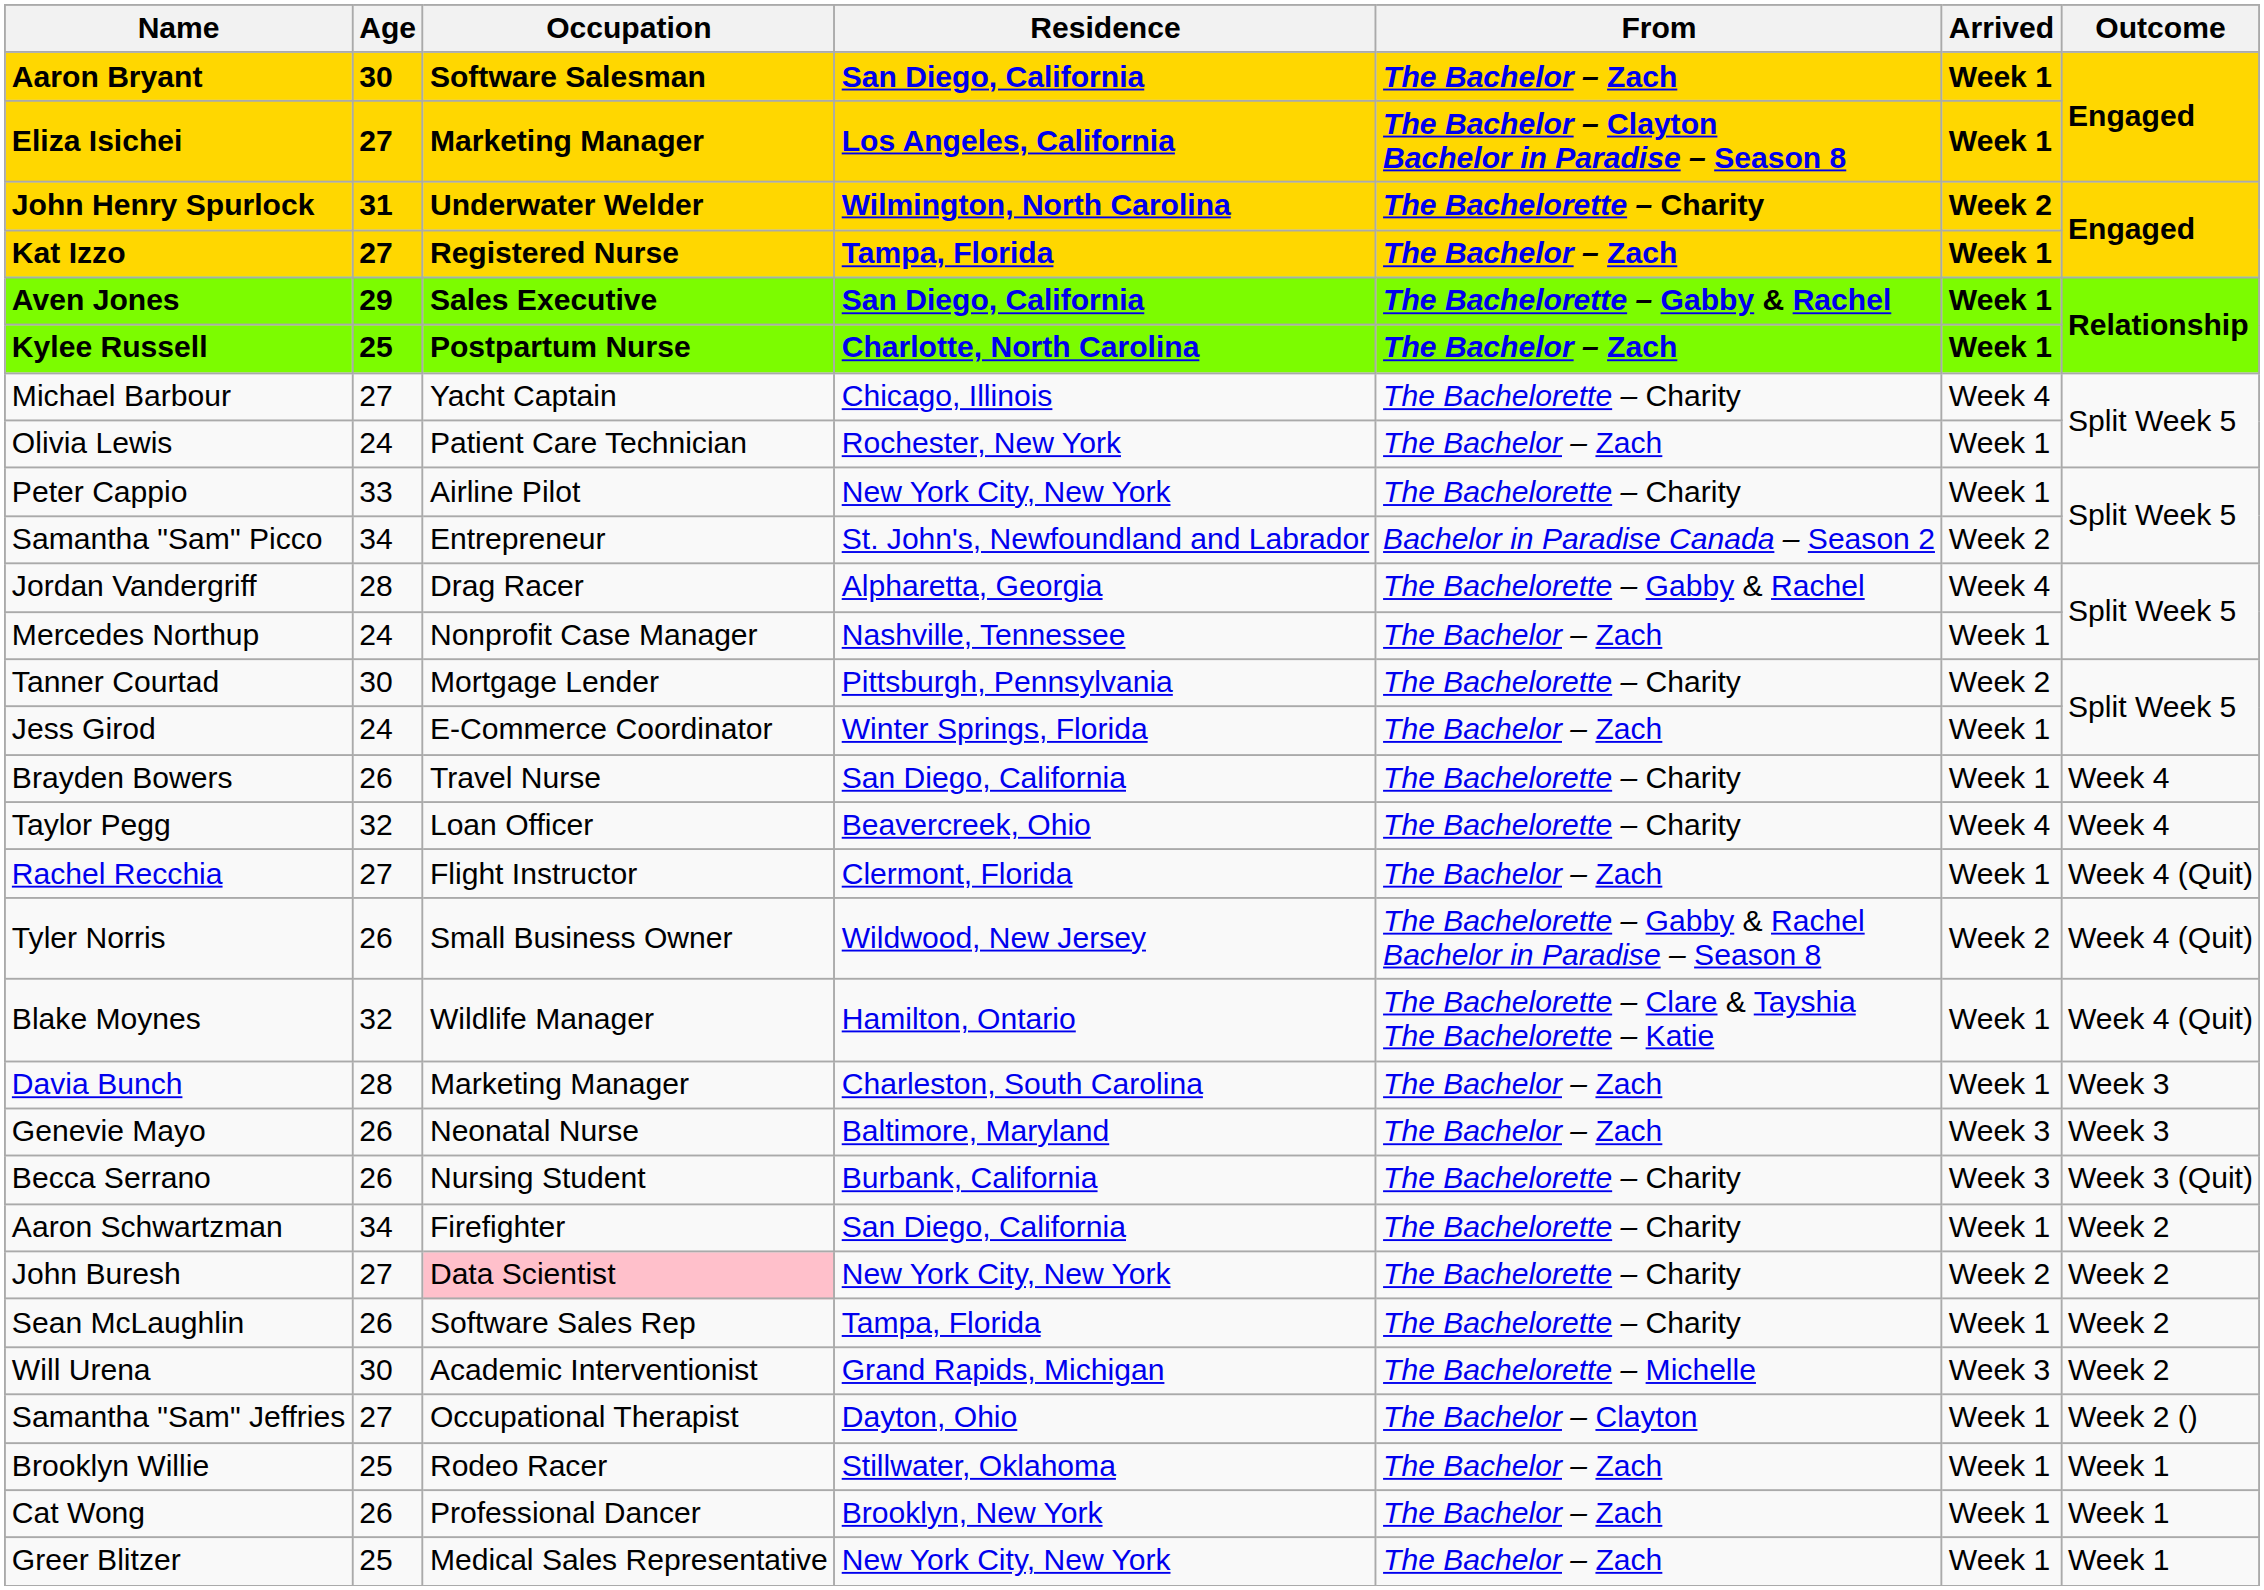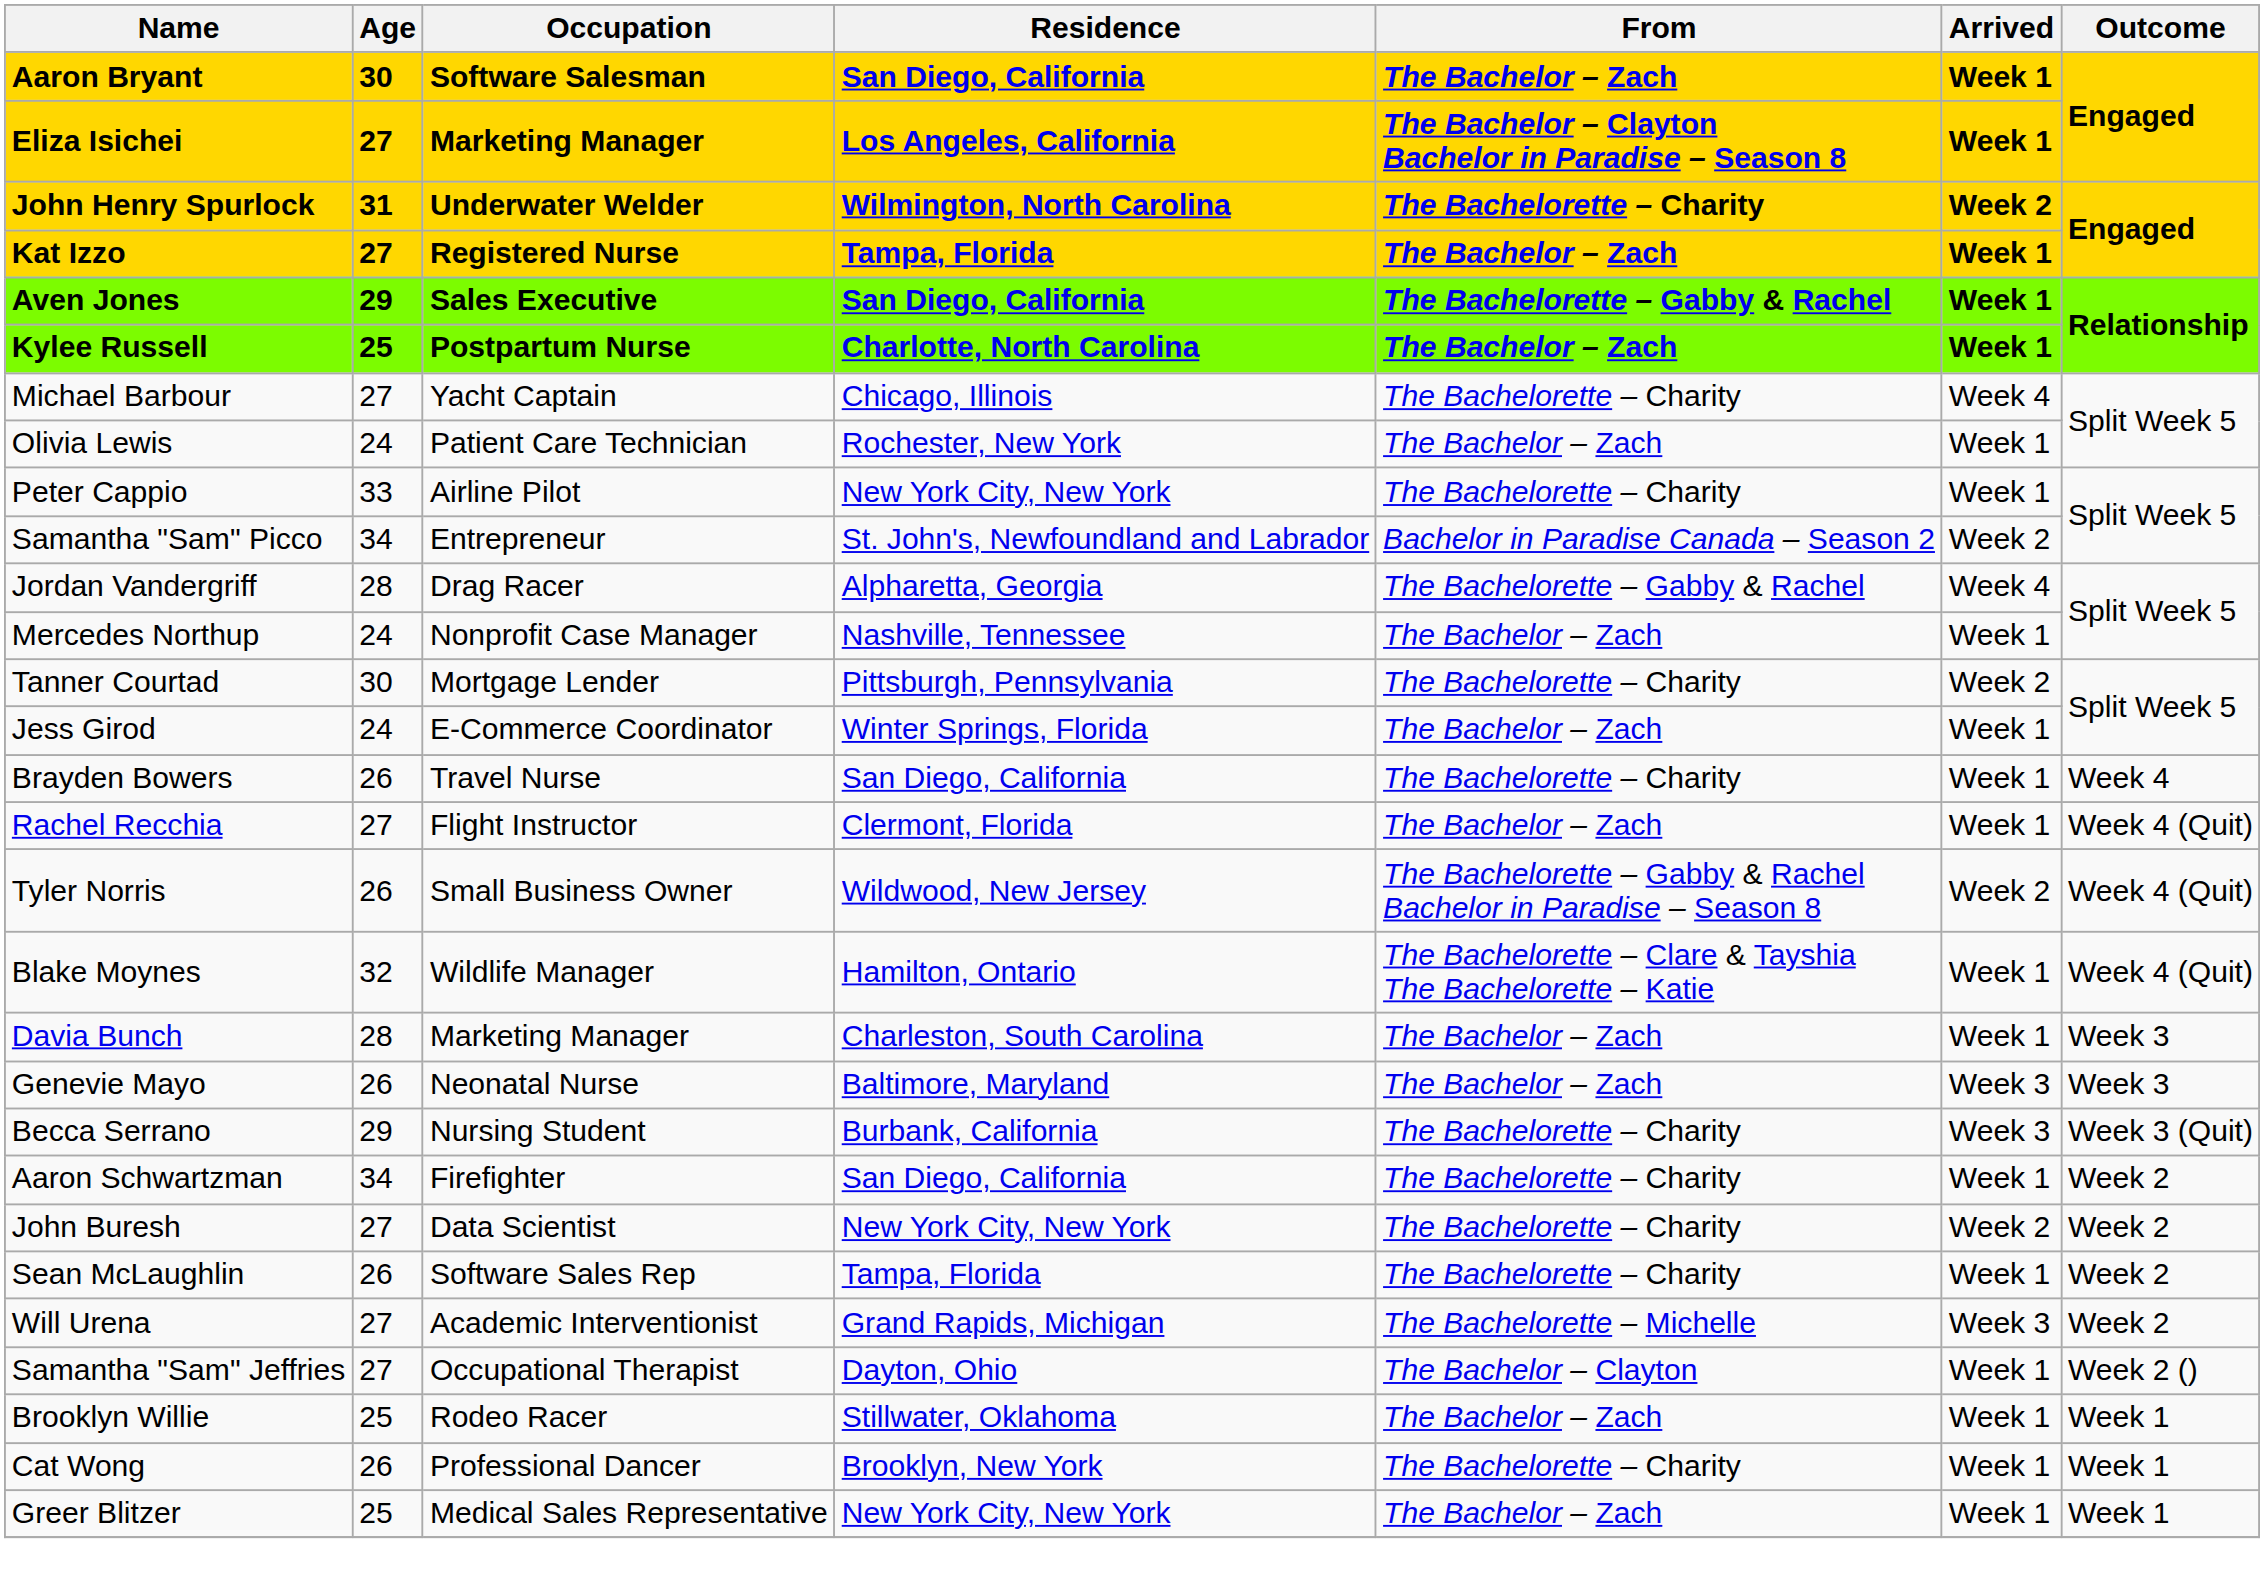 <table class="wikitable sortable" style="text-align:left;">
 <tr>
 <th>Name</th>
 <th>Age</th>
 <th>Occupation</th>
 <th>Residence</th>
 <th>From</th>
 <th>Arrived</th>
 <th>Outcome</th>
 </tr>
 <tr style="font-weight:bold;background:gold;">
 <td>Aaron Bryant</td>
 <td>30</td>
 <td>Software Salesman</td>
 <td><a href='#'>San Diego, California</a></td>
 <td><em><a href='#'>The Bachelor</a>  –</em> <a href='#'>Zach</a></td>
 <td>Week 1</td>
 <td rowspan="2">Engaged</td>
 </tr>
 <tr style="font-weight:bold;background:gold;">
 <td>Eliza Isichei</td>
 <td>27</td>
 <td>Marketing Manager</td>
 <td><a href='#'>Los Angeles, California</a></td>
 <td><em><a href='#'>The Bachelor</a> –</em> <a href='#'>Clayton</a><br><em><a href='#'>Bachelor in Paradise</a></em> <em>–</em> <a href='#'>Season 8</a></td>
 <td>Week 1</td>
 </tr>
 <tr style="font-weight:bold;background:gold;">
 <td>John Henry Spurlock</td>
 <td>31</td>
 <td>Underwater Welder</td>
 <td><a href='#'>Wilmington, North Carolina</a></td>
 <td><em><a href='#'>The Bachelorette</a>  –</em> Charity</td>
 <td>Week 2</td>
 <td rowspan="2">Engaged</td>
 </tr>
 <tr style="font-weight:bold;background:gold;">
 <td>Kat Izzo</td>
 <td>27</td>
 <td>Registered Nurse</td>
 <td><a href='#'>Tampa, Florida</a></td>
 <td><em><a href='#'>The Bachelor</a>  –</em> <a href='#'>Zach</a></td>
 <td>Week 1</td>
 </tr>
 <tr style="font-weight:bold;background:#7CFC00;">
 <td>Aven Jones</td>
 <td>29</td>
 <td>Sales Executive</td>
 <td><a href='#'>San Diego, California</a></td>
 <td><em><a href='#'>The Bachelorette</a> –</em> <a href='#'>Gabby</a> & <a href='#'>Rachel</a></td>
 <td>Week 1</td>
 <td rowspan="2">Relationship</td>
 </tr>
 <tr style="font-weight:bold;background:#7CFC00;">
 <td>Kylee Russell</td>
 <td>25</td>
 <td>Postpartum Nurse</td>
 <td><a href='#'>Charlotte, North Carolina</a></td>
 <td><em><a href='#'>The Bachelor</a>  –</em> <a href='#'>Zach</a></td>
 <td>Week 1</td>
 </tr>
 <tr>
 <td>Michael Barbour</td>
 <td>27</td>
 <td>Yacht Captain</td>
 <td><a href='#'>Chicago, Illinois</a></td>
 <td><em><a href='#'>The Bachelorette</a>  –</em> Charity</td>
 <td>Week 4</td>
 <td rowspan="2">Split Week 5</td>
 </tr>
 <tr>
 <td>Olivia Lewis</td>
 <td>24</td>
 <td>Patient Care Technician</td>
 <td><a href='#'>Rochester, New York</a></td>
 <td><em><a href='#'>The Bachelor</a>  –</em> <a href='#'>Zach</a></td>
 <td>Week 1</td>
 </tr>
 <tr>
 <td>Peter Cappio</td>
 <td>33</td>
 <td>Airline Pilot</td>
 <td><a href='#'>New York City, New York</a></td>
 <td><em><a href='#'>The Bachelorette</a>  –</em> Charity</td>
 <td>Week 1</td>
 <td rowspan="2">Split Week 5</td>
 </tr>
 <tr>
 <td>Samantha "Sam" Picco</td>
 <td>34</td>
 <td>Entrepreneur</td>
 <td><a href='#'>St. John's, Newfoundland and Labrador</a></td>
 <td><em><a href='#'>Bachelor in Paradise Canada</a>  –</em> <a href='#'>Season 2</a></td>
 <td>Week 2</td>
 </tr>
 <tr>
 <td>Jordan Vandergriff</td>
 <td>28</td>
 <td>Drag Racer</td>
 <td><a href='#'>Alpharetta, Georgia</a></td>
 <td><em><a href='#'>The Bachelorette</a> –</em> <a href='#'>Gabby</a> & <a href='#'>Rachel</a></td>
 <td>Week 4</td>
 <td rowspan="2">Split Week 5</td>
 </tr>
 <tr>
 <td>Mercedes Northup</td>
 <td>24</td>
 <td>Nonprofit Case Manager</td>
 <td><a href='#'>Nashville, Tennessee</a></td>
 <td><em><a href='#'>The Bachelor</a>  –</em> <a href='#'>Zach</a></td>
 <td>Week 1</td>
 </tr>
 <tr>
 <td>Tanner Courtad</td>
 <td>30</td>
 <td>Mortgage Lender</td>
 <td><a href='#'>Pittsburgh, Pennsylvania</a></td>
 <td><em><a href='#'>The Bachelorette</a>  –</em> Charity</td>
 <td>Week 2</td>
 <td rowspan="2">Split Week 5</td>
 </tr>
 <tr>
 <td>Jess Girod</td>
 <td>24</td>
 <td>E-Commerce Coordinator</td>
 <td><a href='#'>Winter Springs, Florida</a></td>
 <td><em><a href='#'>The Bachelor</a>  –</em> <a href='#'>Zach</a></td>
 <td>Week 1</td>
 </tr>
 <tr>
 <td>Brayden Bowers</td>
 <td>26</td>
 <td>Travel Nurse</td>
 <td><a href='#'>San Diego, California</a></td>
 <td><em><a href='#'>The Bachelorette</a>  –</em> Charity</td>
 <td>Week 1</td>
 <td>Week 4</td>
 </tr>
 <tr>
-<td>Taylor Pegg</td>
-<td>32</td>
-<td>Loan Officer</td>
-<td><a href='#'>Beavercreek, Ohio</a></td>
-<td><em><a href='#'>The Bachelorette</a>  –</em> Charity</td>
-<td>Week 4</td>
-<td>Week 4</td>
-</tr>
-<tr>
 <td><a href='#'>Rachel Recchia</a></td>
 <td>27</td>
 <td>Flight Instructor</td>
 <td><a href='#'>Clermont, Florida</a></td>
 <td><em><a href='#'>The Bachelor</a>  –</em> <a href='#'>Zach</a></td>
 <td>Week 1</td>
 <td>Week 4 (Quit)</td>
 </tr>
 <tr>
 <td>Tyler Norris</td>
 <td>26</td>
 <td>Small Business Owner</td>
 <td><a href='#'>Wildwood, New Jersey</a></td>
 <td><em><a href='#'>The Bachelorette</a> –</em> <a href='#'>Gabby</a> & <a href='#'>Rachel</a><br><em><a href='#'>Bachelor in Paradise</a></em> <em>–</em> <a href='#'>Season 8</a></td>
 <td>Week 2</td>
 <td>Week 4 (Quit)</td>
 </tr>
 <tr>
 <td>Blake Moynes</td>
 <td>32</td>
 <td>Wildlife Manager</td>
 <td><a href='#'>Hamilton, Ontario</a></td>
 <td><em><a href='#'>The Bachelorette</a>  –</em> <a href='#'>Clare</a> & <a href='#'>Tayshia</a><br><em><a href='#'>The Bachelorette</a>  –</em> <a href='#'>Katie</a></td>
 <td>Week 1</td>
 <td>Week 4 (Quit)</td>
 </tr>
 <tr>
 <td><a href='#'>Davia Bunch</a></td>
 <td>28</td>
 <td>Marketing Manager</td>
 <td><a href='#'>Charleston, South Carolina</a></td>
 <td><em><a href='#'>The Bachelor</a>  –</em> <a href='#'>Zach</a></td>
 <td>Week 1</td>
 <td>Week 3</td>
 </tr>
 <tr>
 <td>Genevie Mayo</td>
 <td>26</td>
 <td>Neonatal Nurse</td>
 <td><a href='#'>Baltimore, Maryland</a></td>
 <td><em><a href='#'>The Bachelor</a>  –</em> <a href='#'>Zach</a></td>
 <td>Week 3</td>
 <td>Week 3</td>
 </tr>
 <tr>
 <td>Becca Serrano</td>
-<td>26</td>
+<td>29</td>
 <td>Nursing Student</td>
 <td><a href='#'>Burbank, California</a></td>
 <td><em><a href='#'>The Bachelorette</a>  –</em> Charity</td>
 <td>Week 3</td>
 <td>Week 3 (Quit)</td>
 </tr>
 <tr>
 <td>Aaron Schwartzman</td>
 <td>34</td>
 <td>Firefighter</td>
 <td><a href='#'>San Diego, California</a></td>
 <td><em><a href='#'>The Bachelorette</a>  –</em> Charity</td>
 <td>Week 1</td>
 <td>Week 2</td>
 </tr>
 <tr>
 <td>John Buresh</td>
 <td>27</td>
-<td style="background: pink;">Data Scientist</td>
+<td>Data Scientist</td>
 <td><a href='#'>New York City, New York</a></td>
 <td><em><a href='#'>The Bachelorette</a>  –</em> Charity</td>
 <td>Week 2</td>
 <td>Week 2</td>
 </tr>
 <tr>
 <td>Sean McLaughlin</td>
 <td>26</td>
 <td>Software Sales Rep</td>
 <td><a href='#'>Tampa, Florida</a></td>
 <td><em><a href='#'>The Bachelorette</a>  –</em> Charity</td>
 <td>Week 1</td>
 <td>Week 2</td>
 </tr>
 <tr>
 <td>Will Urena</td>
-<td>30</td>
+<td>27</td>
 <td>Academic Interventionist</td>
 <td><a href='#'>Grand Rapids, Michigan</a></td>
 <td><em><a href='#'>The Bachelorette</a> –</em> <a href='#'>Michelle</a></td>
 <td>Week 3</td>
 <td>Week 2</td>
 </tr>
 <tr>
 <td>Samantha "Sam" Jeffries</td>
 <td>27</td>
 <td>Occupational Therapist</td>
 <td><a href='#'>Dayton, Ohio</a></td>
 <td><em><a href='#'>The Bachelor</a>  –</em> <a href='#'>Clayton</a></td>
 <td>Week 1</td>
 <td>Week 2 ()</td>
 </tr>
 <tr>
 <td>Brooklyn Willie</td>
 <td>25</td>
 <td>Rodeo Racer</td>
 <td><a href='#'>Stillwater, Oklahoma</a></td>
 <td><em><a href='#'>The Bachelor</a>  –</em> <a href='#'>Zach</a></td>
 <td>Week 1</td>
 <td>Week 1</td>
 </tr>
 <tr>
 <td>Cat Wong</td>
 <td>26</td>
 <td>Professional Dancer</td>
 <td><a href='#'>Brooklyn, New York</a></td>
-<td><em><a href='#'>The Bachelor</a>  –</em> <a href='#'>Zach</a></td>
+<td><em><a href='#'>The Bachelorette</a>  –</em> Charity</td>
 <td>Week 1</td>
 <td>Week 1</td>
 </tr>
 <tr>
 <td>Greer Blitzer</td>
 <td>25</td>
 <td>Medical Sales Representative</td>
 <td><a href='#'>New York City, New York</a></td>
 <td><em><a href='#'>The Bachelor</a>  –</em> <a href='#'>Zach</a></td>
 <td>Week 1</td>
 <td>Week 1</td>
 </tr>
 <tr>
 </tr>
 </table>
